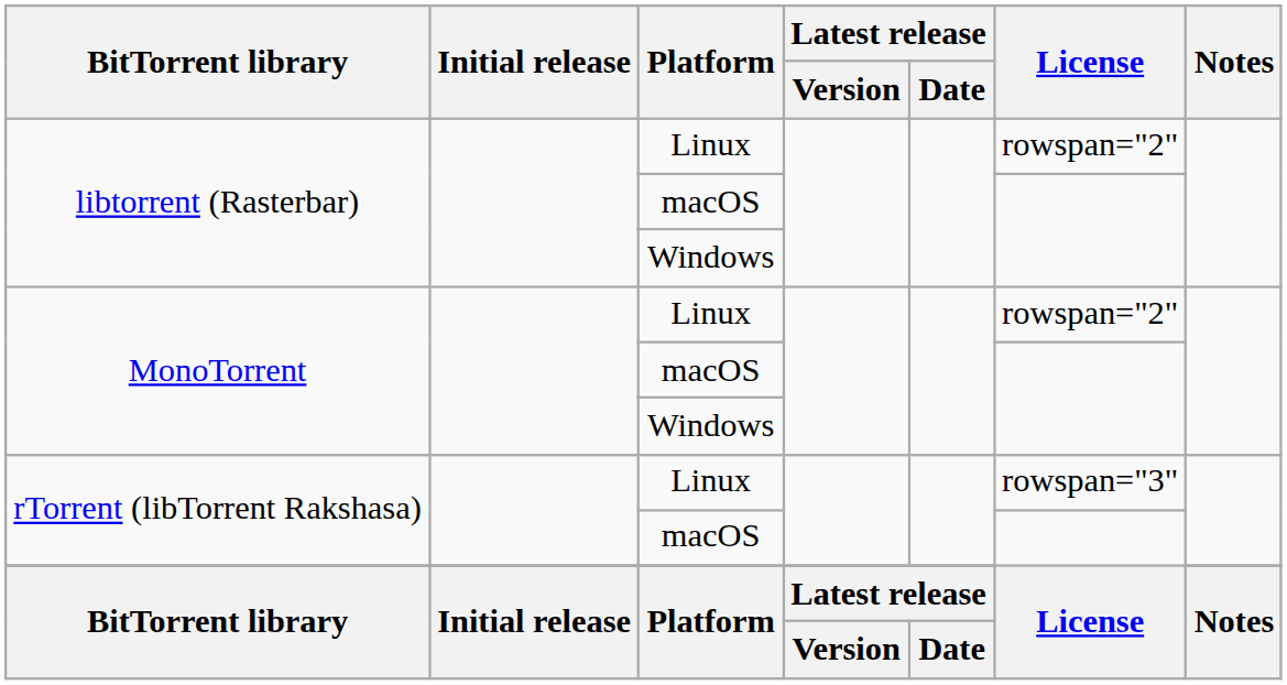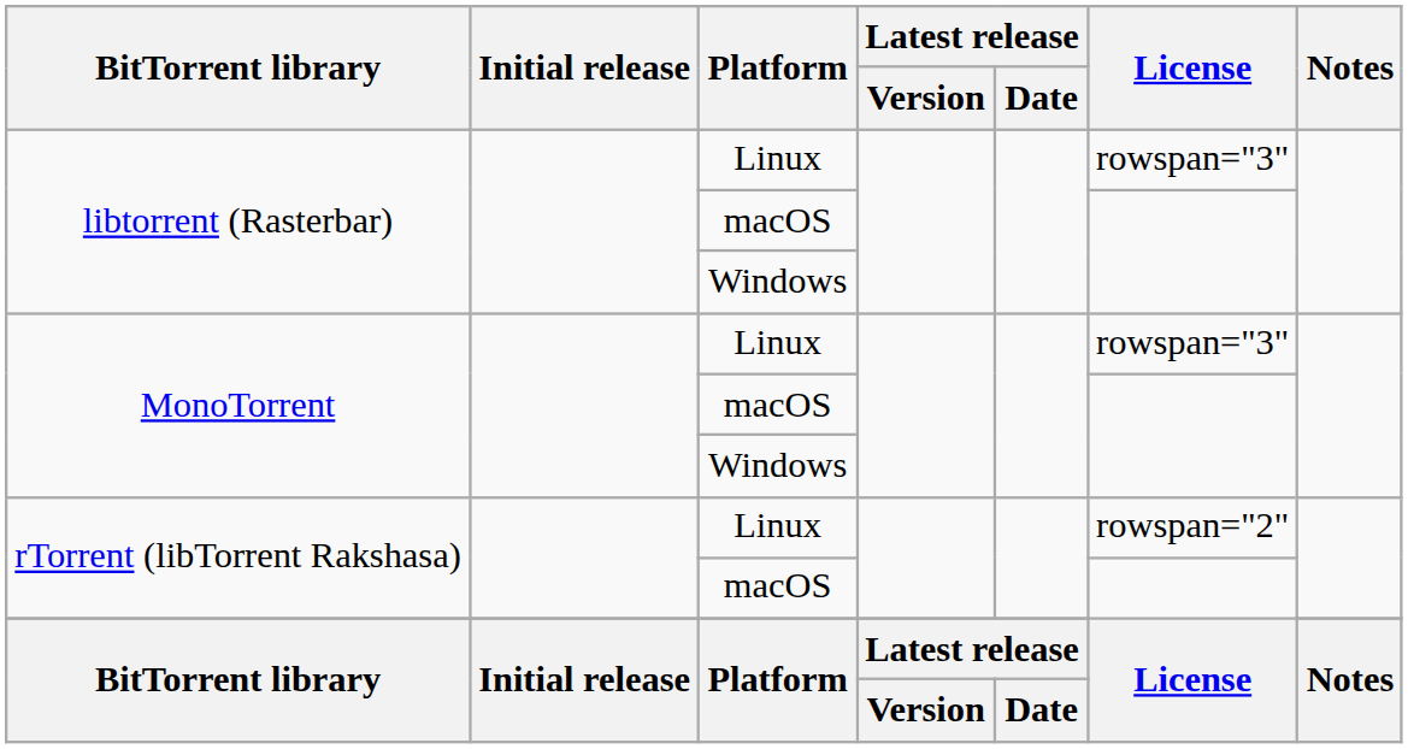 <table class="wikitable sortable sort-under" style="width: auto; text-align: center; font-size: smaller; table-layout: fixed;">
 <tr>
 <th rowspan="2">BitTorrent library</th>
 <th rowspan="2">Initial release</th>
 <th rowspan="2">Platform</th>
 <th colspan="2">Latest release</th>
 <th rowspan="2"><a href='#'>License</a></th>
 <th rowspan="2">Notes</th>
 </tr>
 <tr>
 <th>Version</th>
 <th>Date</th>
 </tr>
 <tr>
 <td rowspan="3"><a href='#'>libtorrent</a> (Rasterbar)</td>
 <td rowspan="3"></td>
 <td>Linux</td>
 <td rowspan="3"><br></td>
 <td rowspan="3"><br></td>
-<td>rowspan="2" </td>
+<td>rowspan="3" </td>
 <td rowspan="3"></td>
 </tr>
 <tr>
 <td>macOS</td>
 </tr>
 <tr>
 <td>Windows</td>
 </tr>
 <tr>
 <td rowspan="3"><a href='#'>MonoTorrent</a></td>
 <td rowspan="3"></td>
 <td>Linux</td>
 <td rowspan="3"></td>
 <td rowspan="3"></td>
-<td>rowspan="2" </td>
+<td>rowspan="3" </td>
 <td rowspan="3"></td>
 </tr>
 <tr>
 <td>macOS</td>
 </tr>
 <tr>
 <td>Windows</td>
 </tr>
 <tr>
 <td rowspan="2"><a href='#'>rTorrent</a> (libTorrent Rakshasa)</td>
 <td rowspan="2"></td>
 <td>Linux</td>
 <td rowspan="2"></td>
 <td rowspan="2"></td>
-<td>rowspan="3" </td>
+<td>rowspan="2" </td>
 <td rowspan="2"></td>
 </tr>
 <tr>
 <td>macOS</td>
 </tr>
 <tr>
 </tr>
 <tr class="sortbottom">
 <th rowspan="2">BitTorrent library</th>
 <th rowspan="2">Initial release</th>
 <th rowspan="2">Platform</th>
 <th colspan="2">Latest release</th>
 <th rowspan="2"><a href='#'>License</a></th>
 <th rowspan="2">Notes</th>
 </tr>
 <tr>
 <th>Version</th>
 <th>Date</th>
 </tr>
 </table>
